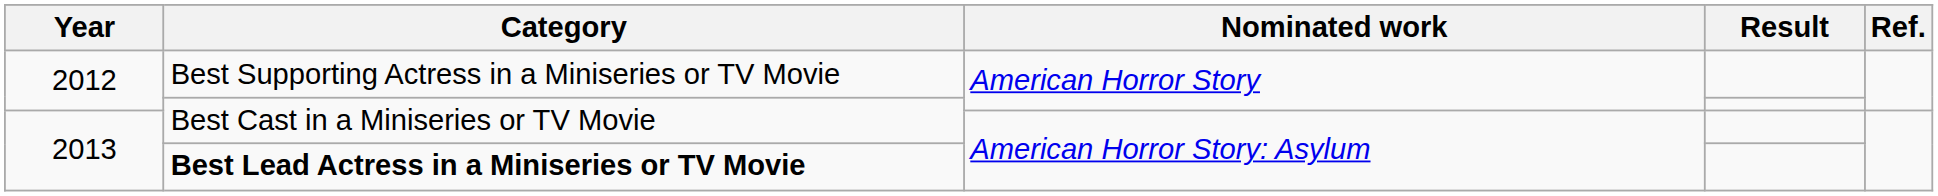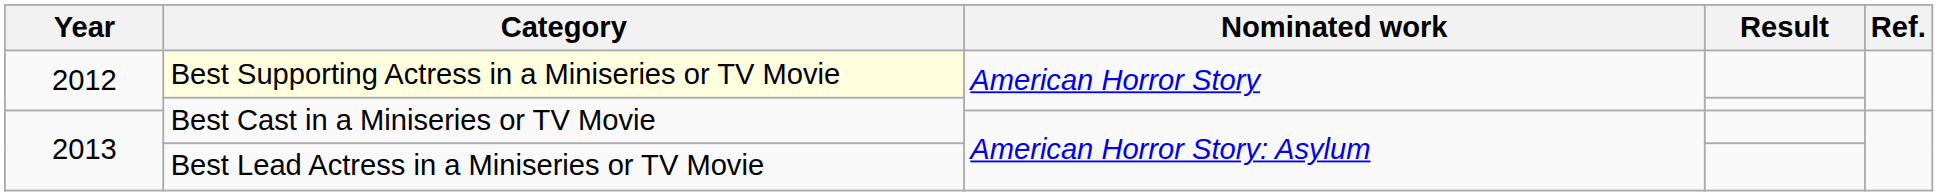 <table class=wikitable>
 <tr>
 <th scope="col" style="width:5em;">Year</th>
 <th scope="col" style="width:27em;">Category</th>
 <th scope="col" style="width:25em;">Nominated work</th>
 <th scope="col" style="width:5em;">Result</th>
 <th>Ref.</th>
 </tr>
 <tr>
 <td style="text-align:center;", rowspan=2>2012</td>
-<td>Best Supporting Actress in a Miniseries or TV Movie</td>
+<td style="background: lightyellow;">Best Supporting Actress in a Miniseries or TV Movie</td>
 <td rowspan=2><em><a href='#'>American Horror Story</a></em></td>
 <td></td>
 <td align=center, rowspan=2></td>
 </tr>
 <tr>
 <td rowspan=2>Best Cast in a Miniseries or TV Movie</td>
 <td></td>
 </tr>
 <tr>
 <td style="text-align:center;", rowspan=2>2013</td>
 <td rowspan=2><em><a href='#'>American Horror Story: Asylum</a></em></td>
 <td></td>
 <td align=center rowspan=2></td>
 </tr>
 <tr>
-<td><strong>Best Lead Actress in a Miniseries or TV Movie</strong></td>
+<td>Best Lead Actress in a Miniseries or TV Movie</td>
 <td></td>
 </tr>
 </table>
